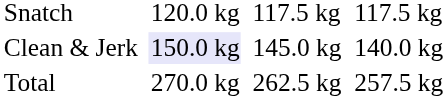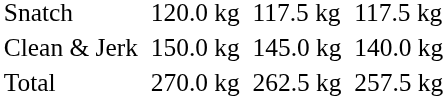 <table>
 <tr>
 <td>Snatch</td>
 <td></td>
 <td>120.0 kg</td>
 <td></td>
 <td>117.5 kg</td>
 <td></td>
 <td>117.5 kg</td>
 </tr>
 <tr>
 <td>Clean & Jerk</td>
 <td></td>
-<td style="background: lavender;">150.0 kg</td>
+<td>150.0 kg</td>
 <td></td>
 <td>145.0 kg</td>
 <td></td>
 <td>140.0 kg</td>
 </tr>
 <tr>
 <td>Total</td>
 <td></td>
 <td>270.0 kg</td>
 <td></td>
 <td>262.5 kg</td>
 <td></td>
 <td>257.5 kg</td>
 </tr>
 </table>
